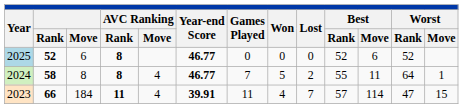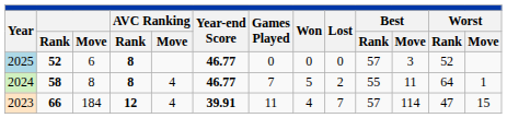 <table class="wikitable sortable" style="text-align:center">
 <tr>
 <th colspan="13" style="background: #0038A8; color: #FFFFFF;"><a href='#'></a></th>
 </tr>
 <tr>
 <th rowspan="2">Year</th>
 <th colspan="2"></th>
 <th colspan="2">AVC Ranking</th>
 <th rowspan="2">Year-end<br> Score</th>
 <th rowspan="2">Games<br>Played</th>
 <th rowspan="2">Won</th>
 <th rowspan="2">Lost</th>
 <th colspan="2">Best</th>
 <th colspan="2">Worst</th>
 </tr>
 <tr>
 <th>Rank</th>
 <th>Move</th>
 <th>Rank</th>
 <th>Move</th>
 <th>Rank</th>
 <th>Move</th>
 <th>Rank</th>
 <th>Move</th>
 </tr>
 <tr>
 <td style="background-color:#add8e6;">2025</td>
 <td><strong>52</strong></td>
 <td style="text-align:center"> 6</td>
 <td><strong>8</strong></td>
 <td style="text-align:center"></td>
 <td><strong>46.77</strong></td>
 <td>0</td>
 <td>0</td>
 <td>0</td>
-<td>52</td>
-<td style="text-align:center"> 6</td>
+<td>57</td>
+<td style="text-align:center"> 3</td>
 <td>52</td>
 <td style="text-align:center"></td>
 </tr>
 <tr>
 <td style="background-color:#d0f0c0;">2024</td>
 <td><strong>58</strong></td>
 <td style="text-align:center"> 8</td>
 <td><strong>8</strong></td>
 <td style="text-align:center"> 4</td>
 <td><strong>46.77</strong></td>
 <td>7</td>
 <td>5</td>
 <td>2</td>
 <td>55</td>
 <td style="text-align:center"> 11</td>
 <td>64</td>
 <td style="text-align:center"> 1</td>
 </tr>
 <tr>
 <td style="background-color:#ffe4c4">2023</td>
 <td><strong>66</strong></td>
 <td style="text-align:center"> 184</td>
-<td><strong>11</strong></td>
+<td><strong>12</strong></td>
 <td style="text-align:center"> 4</td>
 <td><strong>39.91</strong></td>
 <td>11</td>
 <td>4</td>
 <td>7</td>
 <td>57</td>
 <td style="text-align:center"> 114</td>
 <td>47</td>
 <td style="text-align:center"> 15</td>
 </tr>
 </table>
